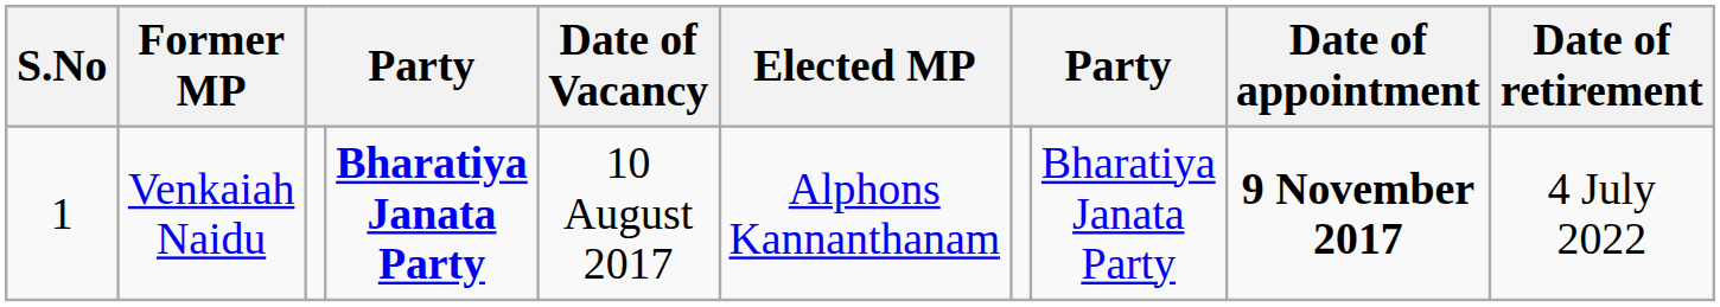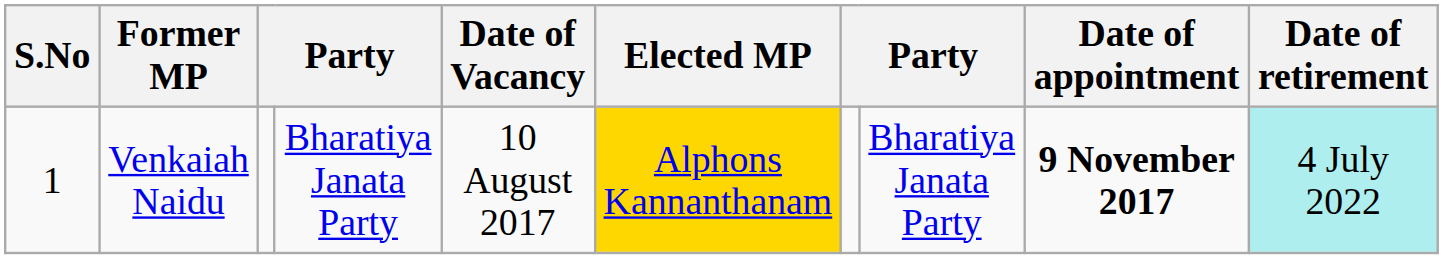 <table class="wikitable sortable">
 <tr>
 <th>S.No</th>
 <th>Former MP</th>
 <th colspan=2>Party</th>
 <th>Date of Vacancy</th>
 <th>Elected MP</th>
 <th colspan=2>Party</th>
 <th>Date of appointment</th>
 <th>Date of retirement</th>
 </tr>
 <tr style="text-align:center;">
 <td>1</td>
 <td><a href='#'>Venkaiah Naidu</a></td>
 <td></td>
-<td><strong><a href='#'>Bharatiya Janata Party</a></strong></td>
+<td><a href='#'>Bharatiya Janata Party</a></td>
 <td>10 August 2017</td>
-<td><a href='#'>Alphons Kannanthanam</a></td>
+<td style="background: gold;"><a href='#'>Alphons Kannanthanam</a></td>
 <td></td>
 <td><a href='#'>Bharatiya Janata Party</a></td>
 <td><strong>9 November 2017</strong></td>
-<td>4 July 2022</td>
+<td style="background: paleturquoise;">4 July 2022</td>
 </tr>
 </table>
